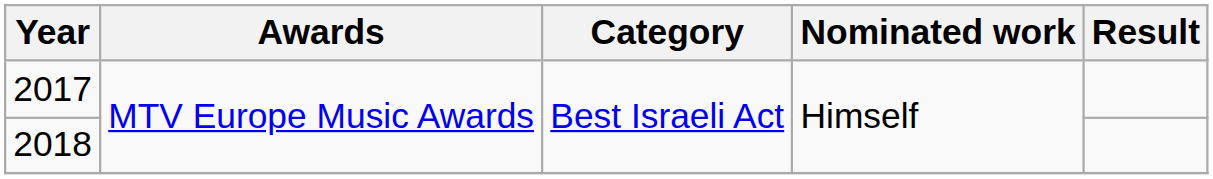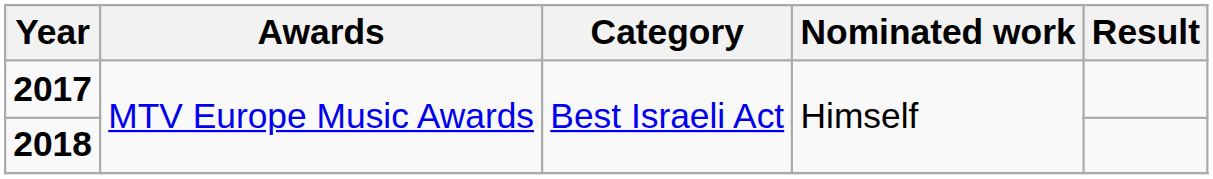 <table class="wikitable">
 <tr>
 <th scope="col">Year</th>
 <th scope="col">Awards</th>
 <th>Category</th>
 <th scope="col">Nominated work</th>
 <th scope="col">Result</th>
 </tr>
 <tr>
-<td>2017</td>
+<td><strong>2017</strong></td>
 <td rowspan="2"><a href='#'>MTV Europe Music Awards</a></td>
 <td rowspan="2"><a href='#'>Best Israeli Act</a></td>
 <td rowspan="2">Himself</td>
 <td></td>
 </tr>
 <tr>
-<td>2018</td>
+<td><strong>2018</strong></td>
 <td></td>
 </tr>
 <tr>
 </tr>
 </table>
